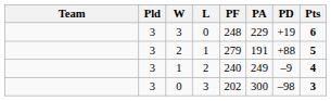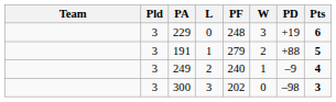 <table class=wikitable style="text-align:center">
 <tr>
 <th width=180>Team</th>
 <th width=30>Pld</th>
-<th width=30>W</th>
+<th width=30>PA</th>
 <th width=30>L</th>
 <th width=30>PF</th>
-<th width=30>PA</th>
+<th width=30>W</th>
 <th width=30>PD</th>
 <th width=30>Pts</th>
 </tr>
 <tr>
 <td align="left"></td>
 <td>3</td>
-<td>3</td>
+<td>229</td>
 <td>0</td>
 <td>248</td>
-<td>229</td>
+<td>3</td>
 <td>+19</td>
 <td><strong>6</strong></td>
 </tr>
 <tr>
 <td align="left"></td>
 <td>3</td>
-<td>2</td>
+<td>191</td>
 <td>1</td>
 <td>279</td>
-<td>191</td>
+<td>2</td>
 <td>+88</td>
 <td><strong>5</strong></td>
 </tr>
 <tr>
 <td align="left"></td>
 <td>3</td>
-<td>1</td>
+<td>249</td>
 <td>2</td>
 <td>240</td>
-<td>249</td>
+<td>1</td>
 <td>–9</td>
 <td><strong>4</strong></td>
 </tr>
 <tr>
 <td align="left"></td>
 <td>3</td>
-<td>0</td>
+<td>300</td>
 <td>3</td>
 <td>202</td>
-<td>300</td>
+<td>0</td>
 <td>–98</td>
 <td><strong>3</strong></td>
 </tr>
 </table>
